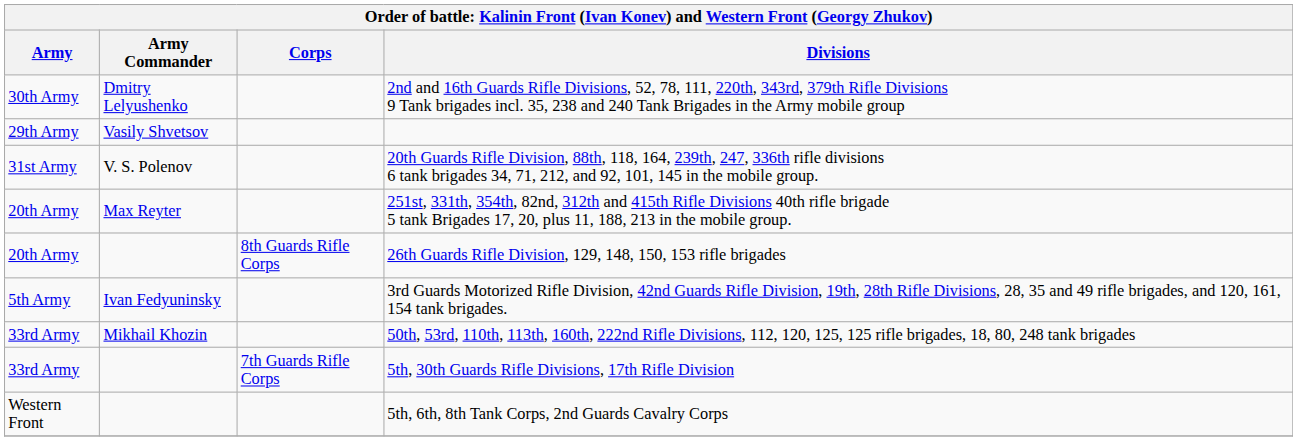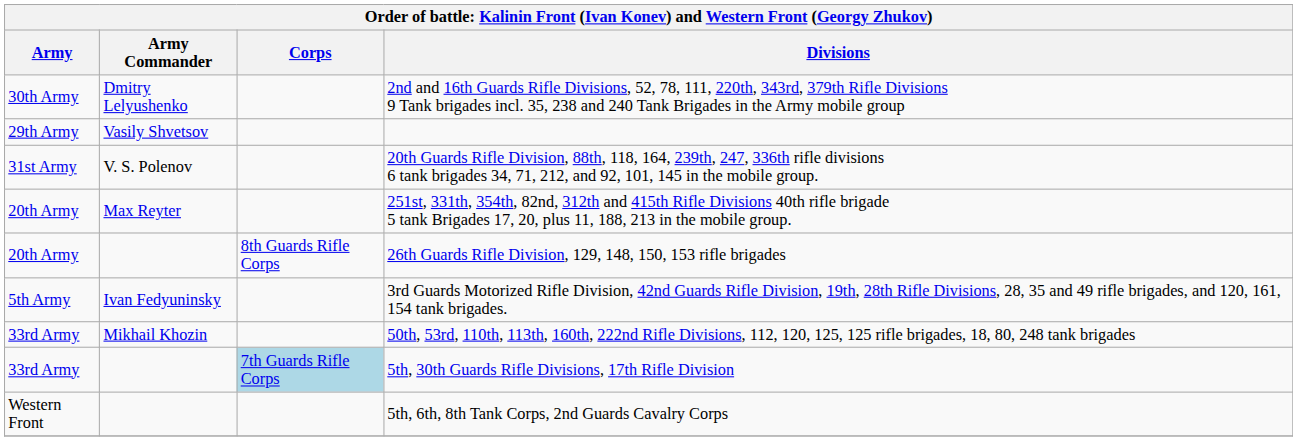 <table class="wikitable collapsible collapsed" style="width: 100%; margin-left: 0; margin-right: 0;">
 <tr>
 <th colspan="6">Order of battle: <a href='#'>Kalinin Front</a> (<a href='#'>Ivan Konev</a>) and <a href='#'>Western Front</a>  (<a href='#'>Georgy Zhukov</a>)</th>
 </tr>
 <tr>
 <th><a href='#'>Army</a></th>
 <th>Army Commander</th>
 <th><a href='#'>Corps</a></th>
 <th><a href='#'>Divisions</a></th>
 </tr>
 <tr>
 <td><a href='#'>30th Army</a></td>
 <td><a href='#'>Dmitry Lelyushenko</a></td>
 <td></td>
 <td><a href='#'>2nd</a> and <a href='#'>16th Guards Rifle Divisions</a>, 52, 78, 111, <a href='#'>220th</a>, <a href='#'>343rd</a>, <a href='#'>379th Rifle Divisions</a><br> 9 Tank brigades incl. 35, 238 and 240 Tank Brigades in the Army mobile group</td>
 </tr>
 <tr>
 <td><a href='#'>29th Army</a></td>
 <td><a href='#'>Vasily Shvetsov</a></td>
 <td></td>
 <td></td>
 </tr>
 <tr>
 <td><a href='#'>31st Army</a></td>
 <td>V. S. Polenov</td>
 <td></td>
 <td><a href='#'>20th Guards Rifle Division</a>, <a href='#'>88th</a>, 118, 164, <a href='#'>239th</a>, <a href='#'>247</a>, <a href='#'>336th</a> rifle divisions<br>6 tank brigades 34, 71, 212, and 92, 101, 145 in the mobile group.</td>
 </tr>
 <tr>
 <td><a href='#'>20th Army</a></td>
 <td><a href='#'>Max Reyter</a></td>
 <td></td>
 <td><a href='#'>251st</a>, <a href='#'>331th</a>, <a href='#'>354th</a>, 82nd, <a href='#'>312th</a> and <a href='#'>415th Rifle Divisions</a> 40th rifle brigade<br> 5 tank Brigades 17, 20, plus 11, 188, 213 in the mobile group.</td>
 </tr>
 <tr>
 <td><a href='#'>20th Army</a></td>
 <td></td>
 <td><a href='#'>8th Guards Rifle Corps</a></td>
 <td><a href='#'>26th Guards Rifle Division</a>, 129, 148, 150, 153 rifle brigades</td>
 </tr>
 <tr>
 <td><a href='#'>5th Army</a></td>
 <td><a href='#'>Ivan Fedyuninsky</a></td>
 <td></td>
 <td>3rd Guards Motorized Rifle Division, <a href='#'>42nd Guards Rifle Division</a>, <a href='#'>19th</a>, <a href='#'>28th Rifle Divisions</a>, 28, 35 and 49 rifle brigades, and 120, 161, 154 tank brigades.</td>
 </tr>
 <tr>
 <td><a href='#'>33rd Army</a></td>
 <td><a href='#'>Mikhail Khozin</a></td>
 <td></td>
 <td><a href='#'>50th</a>, <a href='#'>53rd</a>, <a href='#'>110th</a>, <a href='#'>113th</a>, <a href='#'>160th</a>, <a href='#'>222nd Rifle Divisions</a>, 112, 120, 125, 125 rifle brigades, 18, 80, 248 tank brigades</td>
 </tr>
 <tr>
 <td><a href='#'>33rd Army</a></td>
 <td></td>
-<td><a href='#'>7th Guards Rifle Corps</a></td>
+<td style="background: lightblue;"><a href='#'>7th Guards Rifle Corps</a></td>
 <td><a href='#'>5th</a>, <a href='#'>30th Guards Rifle Divisions</a>, <a href='#'>17th Rifle Division</a></td>
 </tr>
 <tr>
 <td>Western Front</td>
 <td></td>
 <td></td>
 <td>5th, 6th, 8th Tank Corps, 2nd Guards Cavalry Corps</td>
 </tr>
 <tr>
 </tr>
 </table>
